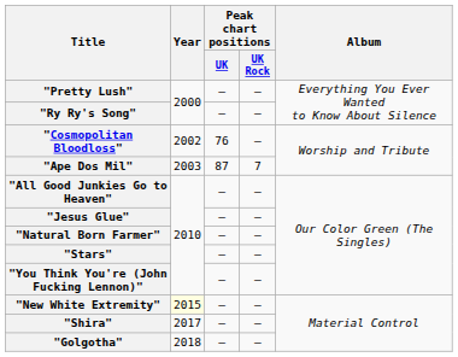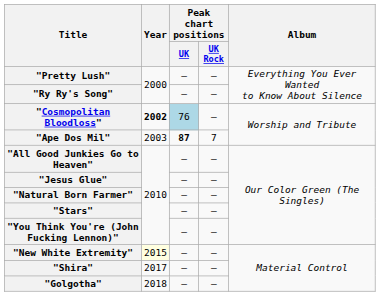 <table class="wikitable plainrowheaders" style="text-align:center">
 <tr>
 <th scope="col" rowspan="2" style="width:14em;">Title</th>
 <th scope="col" rowspan="2">Year</th>
 <th scope="col" colspan="2">Peak chart positions</th>
 <th scope="col" rowspan="2" style="width:15em;">Album</th>
 </tr>
 <tr>
 <th scope="col" style="width:3em;font-size:90%;"><a href='#'>UK</a><br></th>
 <th scope="col" style="width:3em;font-size:90%;"><a href='#'>UK<br>Rock</a> <br></th>
 </tr>
 <tr>
 <th scope="row">"Pretty Lush"</th>
 <td rowspan=2>2000</td>
 <td>—</td>
 <td>—</td>
 <td rowspan="2"><em>Everything You Ever Wanted <br>to Know About Silence</em></td>
 </tr>
 <tr>
 <th scope="row">"Ry Ry's Song"</th>
 <td>—</td>
 <td>—</td>
 </tr>
 <tr>
 <th scope="row">"<a href='#'>Cosmopolitan Bloodloss</a>"</th>
-<td>2002</td>
-<td>76</td>
+<td><strong>2002</strong></td>
+<td style="background: lightblue;">76</td>
 <td>—</td>
 <td rowspan="2"><em>Worship and Tribute</em></td>
 </tr>
 <tr>
 <th scope="row">"Ape Dos Mil"</th>
 <td>2003</td>
-<td>87</td>
+<td><strong>87</strong></td>
 <td>7</td>
 </tr>
 <tr>
 <th scope="row">"All Good Junkies Go to Heaven"</th>
 <td rowspan=5>2010</td>
 <td>—</td>
 <td>—</td>
 <td rowspan="5"><em>Our Color Green (The Singles)</em></td>
 </tr>
 <tr>
 <th scope="row">"Jesus Glue"</th>
 <td>—</td>
 <td>—</td>
 </tr>
 <tr>
 <th scope="row">"Natural Born Farmer"</th>
 <td>—</td>
 <td>—</td>
 </tr>
 <tr>
 <th scope="row">"Stars"</th>
 <td>—</td>
 <td>—</td>
 </tr>
 <tr>
 <th scope="row">"You Think You're (John Fucking Lennon)"</th>
 <td>—</td>
 <td>—</td>
 </tr>
 <tr>
 <th scope="row">"New White Extremity"</th>
 <td style="background: lightyellow;">2015</td>
 <td>—</td>
 <td>—</td>
 <td rowspan="3"><em>Material Control</em></td>
 </tr>
 <tr>
 <th scope="row">"Shira"</th>
 <td>2017</td>
 <td>—</td>
 <td>—</td>
 </tr>
 <tr>
 <th scope="row">"Golgotha"</th>
 <td>2018</td>
 <td>—</td>
 <td>—</td>
 </tr>
 </table>
